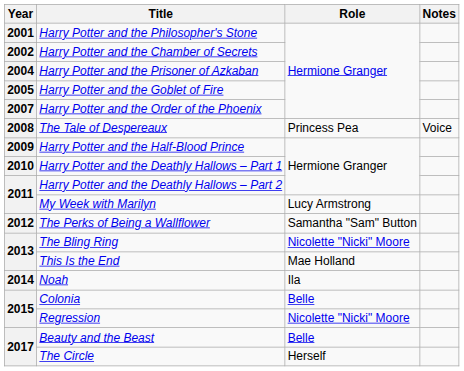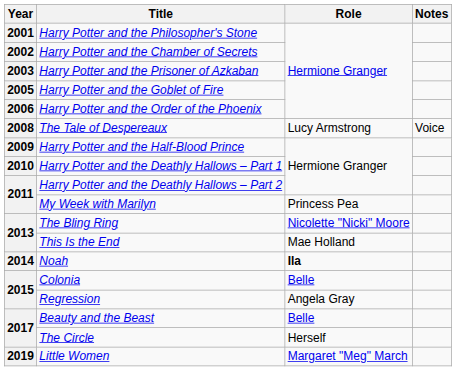 <table class="wikitable plainrowheaders sortable">
 <tr>
 <th scope="col">Year</th>
 <th scope="col">Title</th>
 <th scope="col">Role</th>
 <th scope="col" class="unsortable">Notes</th>
 </tr>
 <tr>
 <th scope="row">2001</th>
 <td><em><a href='#'>Harry Potter and the Philosopher's Stone</a></em></td>
 <td rowspan="5"><a href='#'>Hermione Granger</a></td>
 <td></td>
 </tr>
 <tr>
 <th scope="row">2002</th>
 <td><em><a href='#'>Harry Potter and the Chamber of Secrets</a></em></td>
 <td></td>
 </tr>
 <tr>
-<th scope="row">2004</th>
+<th scope="row">2003</th>
 <td><em><a href='#'>Harry Potter and the Prisoner of Azkaban</a></em></td>
 <td></td>
 </tr>
 <tr>
 <th scope="row">2005</th>
 <td><em><a href='#'>Harry Potter and the Goblet of Fire</a></em></td>
 <td></td>
 </tr>
 <tr>
-<th scope="row">2007</th>
+<th scope="row">2006</th>
 <td><em><a href='#'>Harry Potter and the Order of the Phoenix</a></em></td>
 <td></td>
 </tr>
 <tr>
 <th scope="row">2008</th>
 <td><em><a href='#'>The Tale of Despereaux</a></em></td>
-<td>Princess Pea</td>
+<td>Lucy Armstrong</td>
 <td>Voice</td>
 </tr>
 <tr>
 <th scope="row">2009</th>
 <td><em><a href='#'>Harry Potter and the Half-Blood Prince</a></em></td>
 <td rowspan="3">Hermione Granger</td>
 <td></td>
 </tr>
 <tr>
 <th scope="row">2010</th>
 <td><em><a href='#'>Harry Potter and the Deathly Hallows – Part 1</a></em></td>
 <td></td>
 </tr>
 <tr>
 <th scope="row" rowspan="2">2011</th>
 <td><em><a href='#'>Harry Potter and the Deathly Hallows – Part 2</a></em></td>
 <td></td>
 </tr>
 <tr>
 <td><em><a href='#'>My Week with Marilyn</a></em></td>
-<td>Lucy Armstrong</td>
-<td></td>
-</tr>
-<tr>
-<th scope="row">2012</th>
-<td><em><a href='#'>The Perks of Being a Wallflower</a></em></td>
-<td>Samantha "Sam" Button</td>
+<td>Princess Pea</td>
 <td></td>
 </tr>
 <tr>
 <th scope="row" rowspan="2">2013</th>
 <td><em><a href='#'>The Bling Ring</a></em></td>
 <td><a href='#'>Nicolette "Nicki" Moore</a></td>
 <td></td>
 </tr>
 <tr>
 <td><em><a href='#'>This Is the End</a></em></td>
 <td>Mae Holland</td>
 <td></td>
 </tr>
 <tr>
 <th scope="row">2014</th>
 <td><em><a href='#'>Noah</a></em></td>
-<td>Ila</td>
+<td><strong>Ila</strong></td>
 <td></td>
 </tr>
 <tr>
 <th scope="row" rowspan="2">2015</th>
 <td><em><a href='#'>Colonia</a></em></td>
 <td><a href='#'>Belle</a></td>
 <td></td>
 </tr>
 <tr>
 <td><em><a href='#'>Regression</a></em></td>
-<td><a href='#'>Nicolette "Nicki" Moore</a></td>
+<td>Angela Gray</td>
 <td></td>
 </tr>
 <tr>
 <th scope="row" rowspan="2">2017</th>
 <td><em><a href='#'>Beauty and the Beast</a></em></td>
 <td><a href='#'>Belle</a></td>
 <td></td>
 </tr>
 <tr>
 <td><em><a href='#'>The Circle</a></em></td>
 <td>Herself</td>
 <td></td>
 </tr>
+<tr>
+<th scope="row">2019</th>
+<td><em><a href='#'>Little Women</a></em></td>
+<td><a href='#'>Margaret "Meg" March</a></td>
+<td><br> </td>
+</tr>
 </table>
